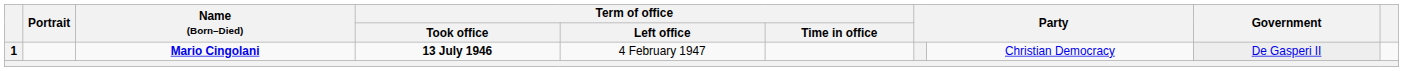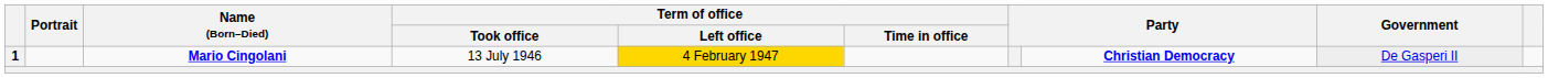 <table class="wikitable" style="text-align:center; style="width=95%">
 <tr>
 <th width=1% rowspan=2></th>
 <th width=1% rowspan=2>Portrait</th>
 <th width=15% rowspan=2>Name<br><small>(Born–Died)</small></th>
 <th width=30% colspan=3>Term of office</th>
 <th width=15% rowspan=2 colspan=2>Party</th>
 <th width=10% rowspan=2>Government</th>
 <th width=1% rowspan=2></th>
 </tr>
 <tr style="text-align:center;">
 <th width=11%>Took office</th>
 <th width=11%>Left office</th>
 <th width=8%>Time in office</th>
 </tr>
 <tr style="text-align:center;">
 <th>1</th>
 <td></td>
 <td><strong><a href='#'>Mario Cingolani</a></strong><br></td>
-<td><strong>13 July 1946</strong></td>
-<td>4 February 1947</td>
+<td>13 July 1946</td>
+<td style="background: gold;">4 February 1947</td>
 <td></td>
 <th style="background:"></th>
-<td><a href='#'>Christian Democracy</a></td>
+<td><strong><a href='#'>Christian Democracy</a></strong></td>
 <td bgcolor=#EEEEEE><a href='#'>De Gasperi II</a></td>
 <td></td>
 </tr>
 <tr>
 <th colspan=10></th>
 </tr>
 </table>
